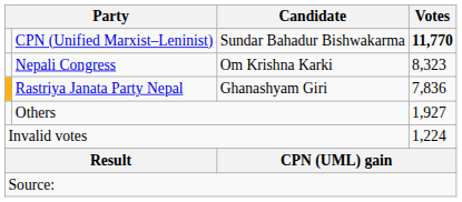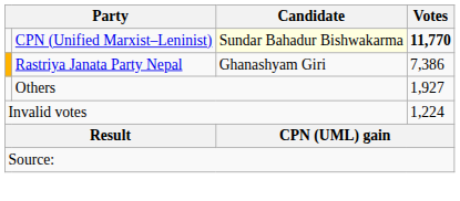 <table class="wikitable">
 <tr>
 <th colspan="2">Party</th>
 <th>Candidate</th>
 <th>Votes</th>
 </tr>
 <tr>
 <td style="background-color:"></td>
 <td><a href='#'>CPN (Unified Marxist–Leninist)</a></td>
-<td>Sundar Bahadur Bishwakarma</td>
+<td style="background: lightyellow;">Sundar Bahadur Bishwakarma</td>
 <td><strong>11,770</strong></td>
-</tr>
-<tr>
-<td style="background-color:"></td>
-<td><a href='#'>Nepali Congress</a></td>
-<td>Om Krishna Karki</td>
-<td>8,323</td>
 </tr>
 <tr>
 <td style="background-color:#ffb300"></td>
 <td><a href='#'>Rastriya Janata Party Nepal</a></td>
 <td>Ghanashyam Giri</td>
-<td>7,836</td>
+<td>7,386</td>
 </tr>
 <tr>
 <td></td>
 <td colspan="2">Others</td>
 <td>1,927</td>
 </tr>
 <tr>
 <td colspan="3">Invalid votes</td>
 <td>1,224</td>
 </tr>
 <tr>
 <th colspan="2">Result</th>
 <th colspan="2">CPN (UML) gain</th>
 </tr>
 <tr>
 <td colspan="4">Source: </td>
 </tr>
 </table>
